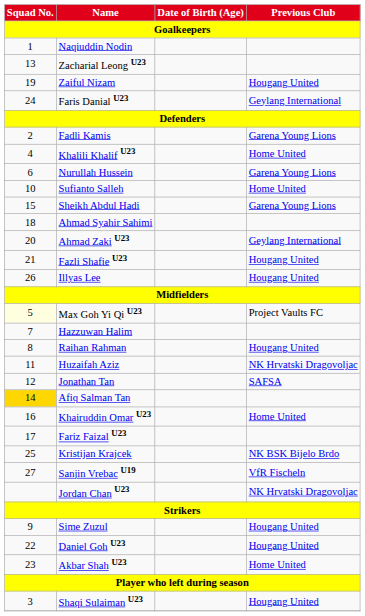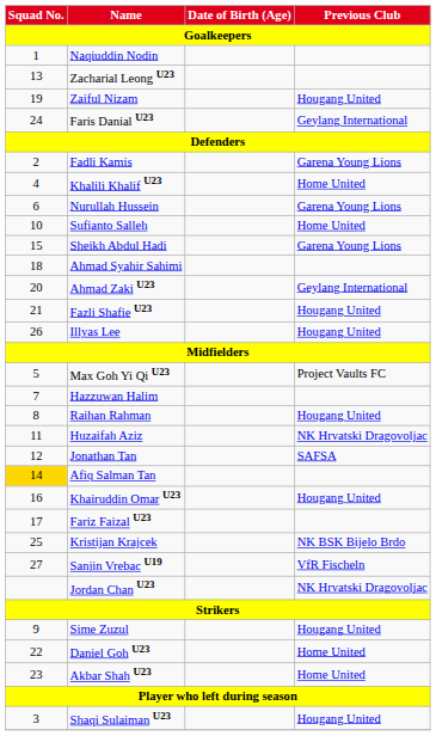 <table class="wikitable" font-size:100%; width:70%;">
 <tr>
 <th style="background:#e1001a; color:white; text-align:center;">Squad No.</th>
 <th style="background:#e1001a; color:white; text-align:center;">Name</th>
 <th style="background:#e1001a; color:white; text-align:center;">Date of Birth (Age)</th>
 <th style="background:#e1001a; color:white; text-align:center;">Previous Club</th>
 </tr>
 <tr>
 <th colspan="4" style="background:yellow; text-align:center">Goalkeepers</th>
 </tr>
 <tr>
 <td style="text-align:center;">1</td>
 <td><a href='#'>Naqiuddin Nodin</a></td>
 <td style="text-align:center;"></td>
 <td></td>
 </tr>
 <tr>
 <td style="text-align:center;">13</td>
 <td>Zacharial Leong <sup><strong>U23</strong></sup></td>
 <td style="text-align:center;"></td>
 <td></td>
 </tr>
 <tr>
 <td style="text-align:center;">19</td>
 <td><a href='#'>Zaiful Nizam</a></td>
 <td style="text-align:center;"></td>
 <td><a href='#'>Hougang United</a></td>
 </tr>
 <tr>
 <td style="text-align:center;">24</td>
 <td>Faris Danial <sup><strong>U23</strong></sup></td>
 <td style="text-align:center;"></td>
 <td><a href='#'>Geylang International</a></td>
 </tr>
 <tr>
 <th colspan="4" style="background:yellow; text-align:center">Defenders</th>
 </tr>
 <tr>
 <td style="text-align:center;">2</td>
 <td><a href='#'>Fadli Kamis</a></td>
 <td style="text-align:center;"></td>
 <td><a href='#'>Garena Young Lions</a></td>
 </tr>
 <tr>
 <td style="text-align:center;">4</td>
 <td><a href='#'>Khalili Khalif</a> <sup><strong>U23</strong></sup></td>
 <td style="text-align:center;"></td>
 <td><a href='#'>Home United</a></td>
 </tr>
 <tr>
 <td style="text-align:center;">6</td>
 <td><a href='#'>Nurullah Hussein</a></td>
 <td style="text-align:center;"></td>
 <td><a href='#'>Garena Young Lions</a></td>
 </tr>
 <tr>
 <td style="text-align:center;">10</td>
 <td><a href='#'>Sufianto Salleh</a></td>
 <td style="text-align:center;"></td>
 <td><a href='#'>Home United</a></td>
 </tr>
 <tr>
 <td style="text-align:center;">15</td>
 <td><a href='#'>Sheikh Abdul Hadi</a></td>
 <td style="text-align:center;"></td>
 <td><a href='#'>Garena Young Lions</a></td>
 </tr>
 <tr>
 <td style="text-align:center;">18</td>
 <td><a href='#'>Ahmad Syahir Sahimi</a></td>
 <td style="text-align:center;"></td>
 <td></td>
 </tr>
 <tr>
 <td style="text-align:center;">20</td>
 <td><a href='#'>Ahmad Zaki</a> <sup><strong>U23</strong></sup></td>
 <td style="text-align:center;"></td>
 <td><a href='#'>Geylang International</a></td>
 </tr>
 <tr>
 <td style="text-align:center;">21</td>
 <td><a href='#'>Fazli Shafie</a> <sup><strong>U23</strong></sup></td>
 <td style="text-align:center;"></td>
 <td><a href='#'>Hougang United</a></td>
 </tr>
 <tr>
 <td style="text-align:center;">26</td>
 <td><a href='#'>Illyas Lee</a></td>
 <td style="text-align:center;"></td>
 <td><a href='#'>Hougang United</a></td>
 </tr>
 <tr>
 <th colspan="4" style="background:yellow; text-align:center">Midfielders</th>
 </tr>
 <tr>
-<td style="background: lightyellow; text-align:center;">5</td>
+<td style="text-align:center;">5</td>
 <td>Max Goh Yi Qi <sup><strong>U23</strong></sup></td>
 <td style="text-align:center;"></td>
 <td>Project Vaults FC</td>
 </tr>
 <tr>
 <td style="text-align:center;">7</td>
 <td><a href='#'>Hazzuwan Halim</a></td>
 <td style="text-align:center;"></td>
 <td></td>
 </tr>
 <tr>
 <td style="text-align:center;">8</td>
 <td><a href='#'>Raihan Rahman</a></td>
 <td style="text-align:center;"></td>
 <td><a href='#'>Hougang United</a></td>
 </tr>
 <tr>
 <td style="text-align:center;">11</td>
 <td><a href='#'>Huzaifah Aziz</a></td>
 <td style="text-align:center;"></td>
 <td> <a href='#'>NK Hrvatski Dragovoljac</a></td>
 </tr>
 <tr>
 <td style="text-align:center;">12</td>
 <td><a href='#'>Jonathan Tan</a></td>
 <td style="text-align:center;"></td>
 <td><a href='#'>SAFSA</a></td>
 </tr>
 <tr>
 <td style="background: gold; text-align:center;">14</td>
 <td><a href='#'>Afiq Salman Tan</a></td>
 <td style="text-align:center;"></td>
 <td></td>
 </tr>
 <tr>
 <td style="text-align:center;">16</td>
 <td><a href='#'>Khairuddin Omar</a> <sup><strong>U23</strong></sup></td>
 <td style="text-align:center;"></td>
-<td><a href='#'>Home United</a></td>
+<td><a href='#'>Hougang United</a></td>
 </tr>
 <tr>
 <td style="text-align:center;">17</td>
 <td><a href='#'>Fariz Faizal</a> <sup><strong>U23</strong></sup></td>
 <td style="text-align:center;"></td>
 <td></td>
 </tr>
 <tr>
 <td style="text-align:center;">25</td>
 <td> <a href='#'>Kristijan Krajcek</a></td>
 <td style="text-align:center;"></td>
 <td> <a href='#'>NK BSK Bijelo Brdo</a></td>
 </tr>
 <tr>
 <td style="text-align:center;">27</td>
 <td> <a href='#'>Sanjin Vrebac</a> <sup><strong>U19</strong></sup></td>
 <td style="text-align:center;"></td>
 <td> <a href='#'>VfR Fischeln</a></td>
 </tr>
 <tr>
 <td style="text-align:center;"></td>
 <td><a href='#'>Jordan Chan</a> <sup><strong>U23</strong></sup></td>
 <td style="text-align:center;"></td>
 <td> <a href='#'>NK Hrvatski Dragovoljac</a></td>
 </tr>
 <tr>
 <th colspan="4" style="background:yellow; text-align:center">Strikers</th>
 </tr>
 <tr>
 <td style="text-align:center;">9</td>
 <td> <a href='#'>Sime Zuzul</a></td>
 <td style="text-align:center;"></td>
 <td><a href='#'>Hougang United</a></td>
 </tr>
 <tr>
 <td style="text-align:center;">22</td>
 <td><a href='#'>Daniel Goh</a> <sup><strong>U23</strong></sup></td>
 <td style="text-align:center;"></td>
-<td><a href='#'>Hougang United</a></td>
+<td><a href='#'>Home United</a></td>
 </tr>
 <tr>
 <td style="text-align:center;">23</td>
 <td><a href='#'>Akbar Shah</a> <sup><strong>U23</strong></sup></td>
 <td style="text-align:center;"></td>
 <td><a href='#'>Home United</a></td>
 </tr>
 <tr>
 <th colspan="4" style="background:yellow; text-align:center">Player who left during season</th>
 </tr>
 <tr>
 <td style="text-align:center;">3</td>
 <td><a href='#'>Shaqi Sulaiman</a> <sup><strong>U23</strong></sup></td>
 <td style="text-align:center;"></td>
 <td><a href='#'>Hougang United</a></td>
 </tr>
 <tr>
 </tr>
 </table>
